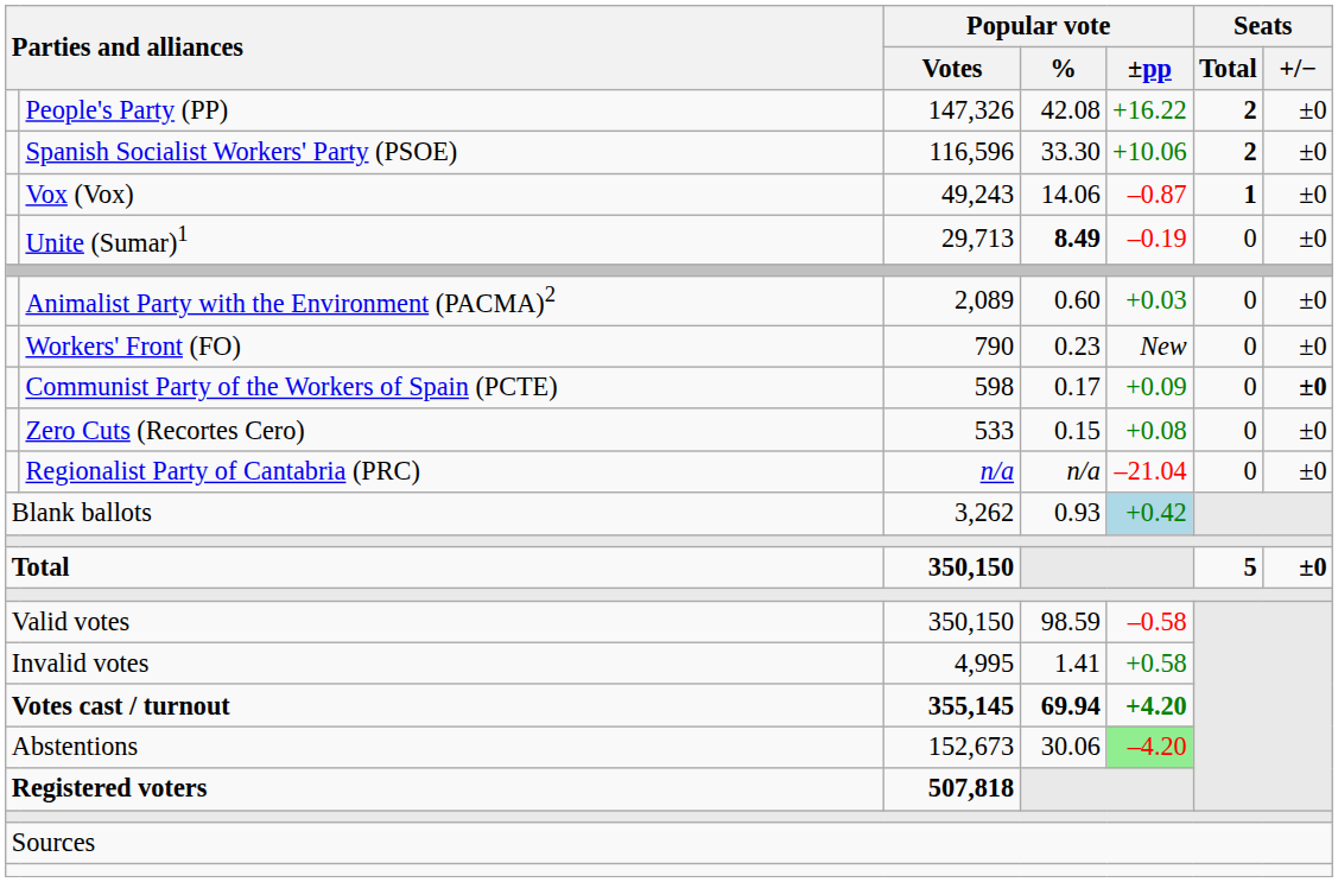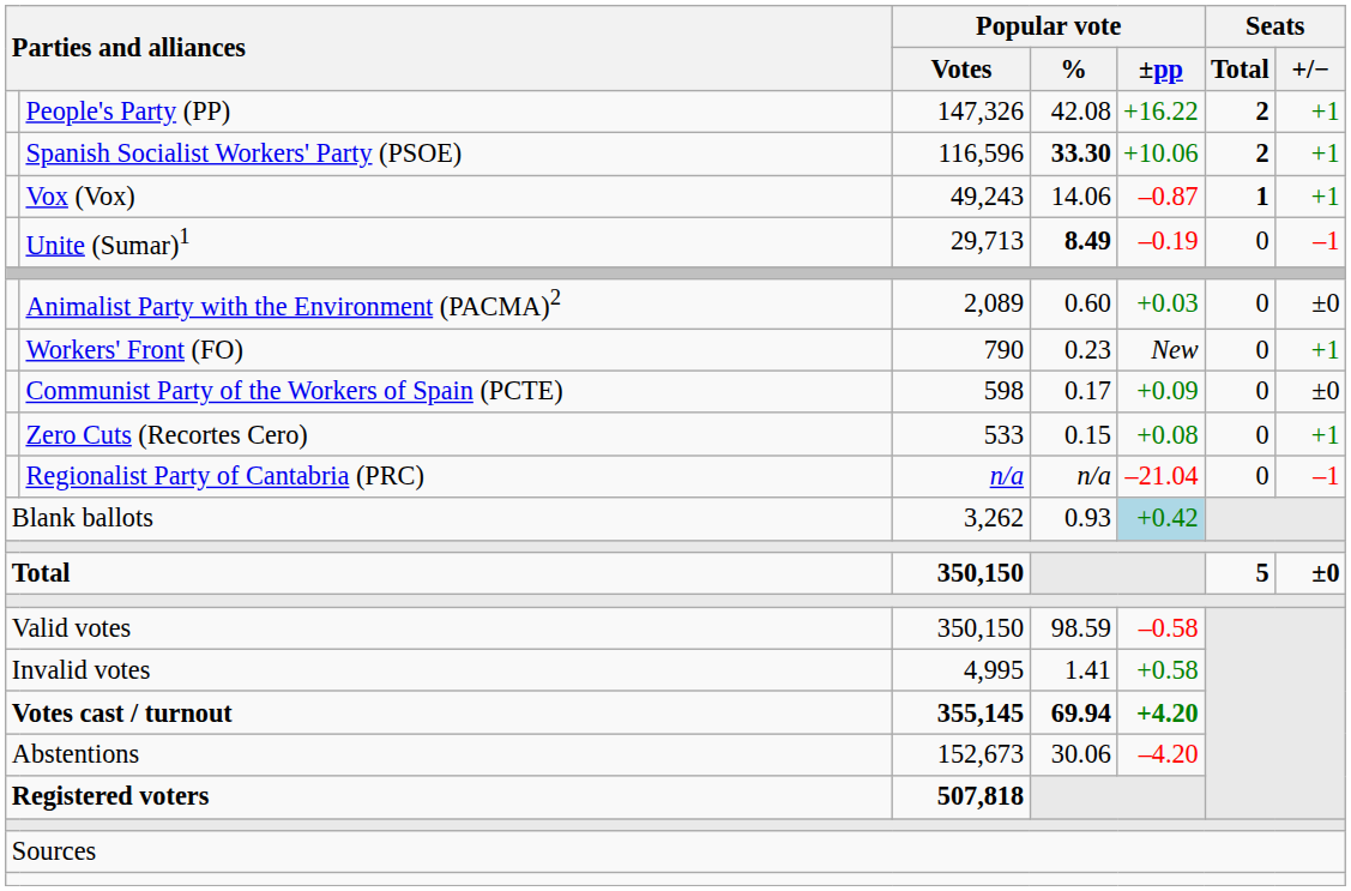 <table class="wikitable" style="text-align:right;">
 <tr>
 <th style="text-align:left;" rowspan="2" colspan="2" width="525">Parties and alliances</th>
 <th colspan="3">Popular vote</th>
 <th colspan="2">Seats</th>
 </tr>
 <tr>
 <th width="75">Votes</th>
 <th width="45">%</th>
 <th width="45">±<a href='#'>pp</a></th>
 <th width="35">Total</th>
 <th width="35">+/−</th>
 </tr>
 <tr>
 <td width="1" style="color:inherit;background:"></td>
 <td align="left"><a href='#'>People's Party</a> (PP)</td>
 <td>147,326</td>
 <td>42.08</td>
 <td style="color:green;">+16.22</td>
 <td><strong>2</strong></td>
-<td>±0</td>
+<td style="color:green;">+1</td>
 </tr>
 <tr>
 <td style="color:inherit;background:"></td>
 <td align="left"><a href='#'>Spanish Socialist Workers' Party</a> (PSOE)</td>
 <td>116,596</td>
-<td>33.30</td>
+<td><strong>33.30</strong></td>
 <td style="color:green;">+10.06</td>
 <td><strong>2</strong></td>
-<td>±0</td>
+<td style="color:green;">+1</td>
 </tr>
 <tr>
 <td style="color:inherit;background:"></td>
 <td align="left"><a href='#'>Vox</a> (Vox)</td>
 <td>49,243</td>
 <td>14.06</td>
 <td style="color:red;">–0.87</td>
 <td><strong>1</strong></td>
-<td>±0</td>
+<td style="color:green;">+1</td>
 </tr>
 <tr>
 <td style="color:inherit;background:"></td>
 <td align="left"><a href='#'>Unite</a> (Sumar)<sup>1</sup></td>
 <td>29,713</td>
 <td><strong>8.49</strong></td>
 <td style="color:red;">–0.19</td>
 <td>0</td>
-<td>±0</td>
+<td style="color:red;">–1</td>
 </tr>
 <tr>
 <td colspan="7" bgcolor="#C0C0C0"></td>
 </tr>
 <tr>
 <td style="color:inherit;background:"></td>
 <td align="left"><a href='#'>Animalist Party with the Environment</a> (PACMA)<sup>2</sup></td>
 <td>2,089</td>
 <td>0.60</td>
 <td style="color:green;">+0.03</td>
 <td>0</td>
 <td>±0</td>
 </tr>
 <tr>
 <td style="color:inherit;background:"></td>
 <td align="left"><a href='#'>Workers' Front</a> (FO)</td>
 <td>790</td>
 <td>0.23</td>
 <td><em>New</em></td>
 <td>0</td>
-<td>±0</td>
+<td style="color:green;">+1</td>
 </tr>
 <tr>
 <td style="color:inherit;background:"></td>
 <td align="left"><a href='#'>Communist Party of the Workers of Spain</a> (PCTE)</td>
 <td>598</td>
 <td>0.17</td>
 <td style="color:green;">+0.09</td>
 <td>0</td>
-<td><strong>±0</strong></td>
+<td>±0</td>
 </tr>
 <tr>
 <td style="color:inherit;background:"></td>
 <td align="left"><a href='#'>Zero Cuts</a> (Recortes Cero)</td>
 <td>533</td>
 <td>0.15</td>
 <td style="color:green;">+0.08</td>
 <td>0</td>
-<td>±0</td>
+<td style="color:green;">+1</td>
 </tr>
 <tr>
 <td style="color:inherit;background:"></td>
 <td align="left"><a href='#'>Regionalist Party of Cantabria</a> (PRC)</td>
 <td><em><a href='#'>n/a</a></em></td>
 <td><em>n/a</em></td>
 <td style="color:red;">–21.04</td>
 <td>0</td>
-<td>±0</td>
+<td style="color:red;">–1</td>
 </tr>
 <tr>
 <td align="left" colspan="2">Blank ballots</td>
 <td>3,262</td>
 <td>0.93</td>
 <td style="background: lightblue; color:green;">+0.42</td>
 <td bgcolor="#E9E9E9" colspan="2"></td>
 </tr>
 <tr>
 <td colspan="7" bgcolor="#E9E9E9"></td>
 </tr>
 <tr style="font-weight:bold;">
 <td align="left" colspan="2">Total</td>
 <td>350,150</td>
 <td bgcolor="#E9E9E9" colspan="2"></td>
 <td>5</td>
 <td>±0</td>
 </tr>
 <tr>
 <td colspan="7" bgcolor="#E9E9E9"></td>
 </tr>
 <tr>
 <td align="left" colspan="2">Valid votes</td>
 <td>350,150</td>
 <td>98.59</td>
 <td style="color:red;">–0.58</td>
 <td bgcolor="#E9E9E9" colspan="2" rowspan="5"></td>
 </tr>
 <tr>
 <td align="left" colspan="2">Invalid votes</td>
 <td>4,995</td>
 <td>1.41</td>
 <td style="color:green;">+0.58</td>
 </tr>
 <tr style="font-weight:bold;">
 <td align="left" colspan="2">Votes cast / turnout</td>
 <td>355,145</td>
 <td>69.94</td>
 <td style="color:green;">+4.20</td>
 </tr>
 <tr>
 <td align="left" colspan="2">Abstentions</td>
 <td>152,673</td>
 <td>30.06</td>
-<td style="background: lightgreen; color:red;">–4.20</td>
+<td style="color:red;">–4.20</td>
 </tr>
 <tr style="font-weight:bold;">
 <td align="left" colspan="2">Registered voters</td>
 <td>507,818</td>
 <td bgcolor="#E9E9E9" colspan="2"></td>
 </tr>
 <tr>
 <td colspan="7" bgcolor="#E9E9E9"></td>
 </tr>
 <tr>
 <td align="left" colspan="7">Sources</td>
 </tr>
 <tr>
 <td colspan="7" style="text-align:left; max-width:790px;"></td>
 </tr>
 </table>
